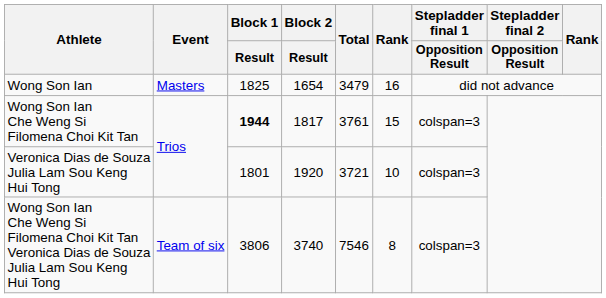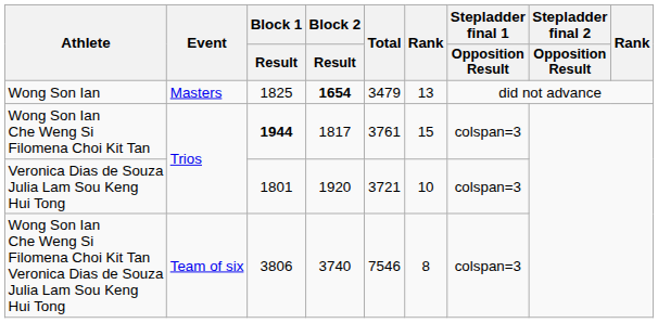 <table class=wikitable style=font-size:90%;text-align:center>
 <tr>
 <th rowspan="2">Athlete</th>
 <th rowspan="2">Event</th>
 <th>Block 1</th>
 <th>Block 2</th>
 <th rowspan="2">Total</th>
 <th rowspan="2">Rank</th>
 <th>Stepladder<br>final 1</th>
 <th>Stepladder<br>final 2</th>
 <th rowspan="2">Rank</th>
 </tr>
 <tr style="font-size:95%">
 <th>Result</th>
 <th>Result</th>
 <th>Opposition<br>Result</th>
 <th>Opposition<br>Result</th>
 </tr>
 <tr>
 <td align=left>Wong Son Ian</td>
 <td align=left><a href='#'>Masters</a></td>
 <td>1825</td>
-<td>1654</td>
+<td><strong>1654</strong></td>
 <td>3479</td>
-<td>16</td>
+<td>13</td>
 <td colspan=3>did not advance</td>
 </tr>
 <tr>
 <td align=left>Wong Son Ian<br>Che Weng Si<br>Filomena Choi Kit Tan</td>
 <td align=left rowspan=2><a href='#'>Trios</a></td>
 <td><strong>1944</strong></td>
 <td>1817</td>
 <td>3761</td>
 <td>15</td>
 <td>colspan=3 </td>
 </tr>
 <tr>
 <td align=left>Veronica Dias de Souza<br>Julia Lam Sou Keng<br>Hui Tong</td>
 <td>1801</td>
 <td>1920</td>
 <td>3721</td>
 <td>10</td>
 <td>colspan=3 </td>
 </tr>
 <tr>
 <td align=left>Wong Son Ian<br>Che Weng Si<br>Filomena Choi Kit Tan<br>Veronica Dias de Souza<br>Julia Lam Sou Keng<br>Hui Tong</td>
 <td align=left><a href='#'>Team of six</a></td>
 <td>3806</td>
 <td>3740</td>
 <td>7546</td>
 <td>8</td>
 <td>colspan=3 </td>
 </tr>
 </table>
